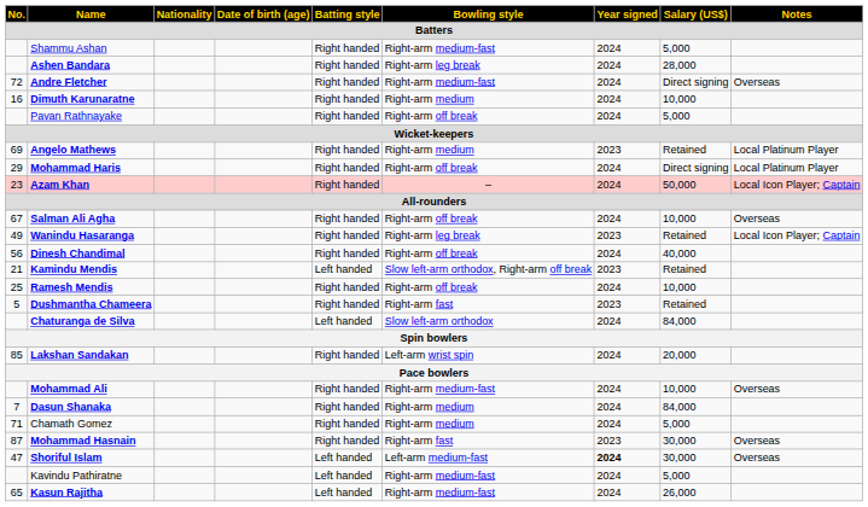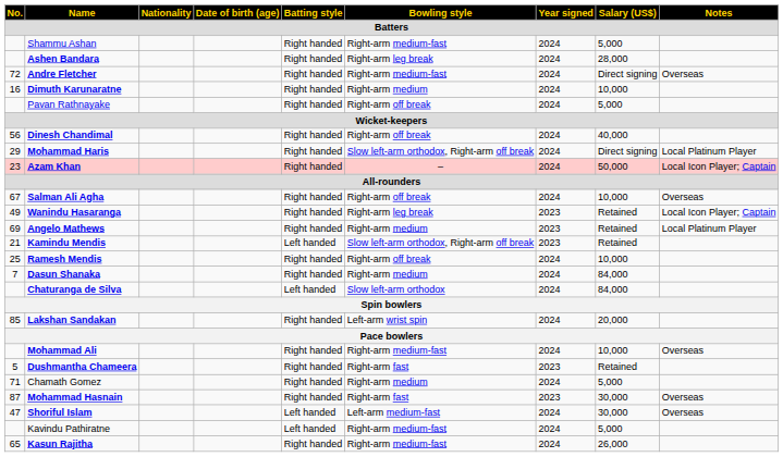 <table class="wikitable" style="font-size:85%;">
 <tr>
 <th style="background:black; color:gold; text-align:center;">No.</th>
 <th style="background:black; color:gold; text-align:center;">Name</th>
 <th style="background:black; color:gold; text-align:center;">Nationality</th>
 <th style="background:black; color:gold; text-align:center;">Date of birth (age)</th>
 <th style="background:black; color:gold; text-align:center;">Batting style</th>
 <th style="background:black; color:gold; text-align:center;">Bowling style</th>
 <th style="background:black; color:gold; text-align:center;">Year signed</th>
 <th style="background:black; color:gold; text-align:center;">Salary (US$)</th>
 <th style="background:black; color:gold; text-align:center;">Notes</th>
 </tr>
 <tr>
 <th colspan="9" style="background:#dcdcdc; text-align:center;">Batters</th>
 </tr>
 <tr>
 <td></td>
 <td><a href='#'>Shammu Ashan</a></td>
 <td></td>
 <td></td>
 <td>Right handed</td>
 <td>Right-arm <a href='#'>medium-fast</a></td>
 <td>2024</td>
 <td>5,000</td>
 <td></td>
 </tr>
 <tr>
 <td></td>
 <td><strong><a href='#'>Ashen Bandara</a></strong></td>
 <td></td>
 <td></td>
 <td>Right handed</td>
 <td>Right-arm <a href='#'>leg break</a></td>
 <td>2024</td>
 <td>28,000</td>
 <td></td>
 </tr>
 <tr>
 <td style="text-align:center;">72</td>
 <td><strong><a href='#'>Andre Fletcher</a></strong></td>
 <td></td>
 <td></td>
 <td>Right handed</td>
 <td>Right-arm <a href='#'>medium-fast</a></td>
 <td>2024</td>
 <td>Direct signing</td>
 <td>Overseas</td>
 </tr>
 <tr>
 <td style="text-align:center;">16</td>
 <td><strong><a href='#'>Dimuth Karunaratne</a></strong></td>
 <td></td>
 <td></td>
 <td>Right handed</td>
 <td>Right-arm <a href='#'>medium</a></td>
 <td>2024</td>
 <td>10,000</td>
 <td></td>
 </tr>
 <tr>
 <td></td>
 <td><a href='#'>Pavan Rathnayake</a></td>
 <td></td>
 <td></td>
 <td>Right handed</td>
 <td>Right-arm <a href='#'>off break</a></td>
 <td>2024</td>
 <td>5,000</td>
 <td></td>
 </tr>
 <tr>
 <th colspan="9" style="background: #DCDCDC" align="center">Wicket-keepers</th>
 </tr>
 <tr>
-<td style="text-align:center;">69</td>
-<td><strong><a href='#'>Angelo Mathews</a></strong></td>
+<td style="text-align:center;">56</td>
+<td><strong><a href='#'>Dinesh Chandimal</a></strong></td>
 <td></td>
 <td></td>
 <td>Right handed</td>
-<td>Right-arm <a href='#'>medium</a></td>
-<td>2023</td>
-<td>Retained</td>
-<td>Local Platinum Player</td>
+<td>Right-arm <a href='#'>off break</a></td>
+<td>2024</td>
+<td>40,000</td>
+<td></td>
 </tr>
 <tr>
 <td style="text-align:center;">29</td>
 <td><strong><a href='#'>Mohammad Haris</a></strong></td>
 <td></td>
 <td></td>
 <td>Right handed</td>
-<td>Right-arm <a href='#'>off break</a></td>
+<td><a href='#'>Slow left-arm orthodox</a>, Right-arm <a href='#'>off break</a></td>
 <td>2024</td>
 <td>Direct signing</td>
 <td>Local Platinum Player</td>
 </tr>
 <tr style="background:#FFCCCC">
 <td style="text-align:center;">23</td>
 <td><a href='#'><strong>Azam Khan</strong></a></td>
 <td></td>
 <td></td>
 <td>Right handed</td>
 <td style="text-align:center;">–</td>
 <td>2024</td>
 <td>50,000</td>
 <td>Local Icon Player; <a href='#'>Captain</a></td>
 </tr>
 <tr>
 <th colspan="9" style="background: #DCDCDC" align="center">All-rounders</th>
 </tr>
 <tr>
 <td style="text-align:center;">67</td>
 <td><strong><a href='#'>Salman Ali Agha</a></strong></td>
 <td></td>
 <td></td>
 <td>Right handed</td>
 <td>Right-arm <a href='#'>off break</a></td>
 <td>2024</td>
 <td>10,000</td>
 <td>Overseas</td>
 </tr>
 <tr>
 <td style="text-align:center;">49</td>
 <td><strong><a href='#'>Wanindu Hasaranga</a></strong></td>
 <td></td>
 <td></td>
 <td>Right handed</td>
 <td>Right-arm <a href='#'>leg break</a></td>
 <td>2023</td>
 <td>Retained</td>
 <td>Local Icon Player; <a href='#'>Captain</a></td>
 </tr>
 <tr>
-<td style="text-align:center;">56</td>
-<td><strong><a href='#'>Dinesh Chandimal</a></strong></td>
+<td style="text-align:center;">69</td>
+<td><strong><a href='#'>Angelo Mathews</a></strong></td>
 <td></td>
 <td></td>
 <td>Right handed</td>
-<td>Right-arm <a href='#'>off break</a></td>
-<td>2024</td>
-<td>40,000</td>
-<td></td>
+<td>Right-arm <a href='#'>medium</a></td>
+<td>2023</td>
+<td>Retained</td>
+<td>Local Platinum Player</td>
 </tr>
 <tr>
 <td style="text-align:center;">21</td>
 <td><strong><a href='#'>Kamindu Mendis</a></strong></td>
 <td></td>
 <td></td>
 <td>Left handed</td>
 <td><a href='#'>Slow left-arm orthodox</a>, Right-arm <a href='#'>off break</a></td>
 <td>2023</td>
 <td>Retained</td>
 <td></td>
 </tr>
 <tr>
 <td style="text-align:center;">25</td>
 <td><strong><a href='#'>Ramesh Mendis</a></strong></td>
 <td></td>
 <td></td>
 <td>Right handed</td>
 <td>Right-arm <a href='#'>off break</a></td>
 <td>2024</td>
 <td>10,000</td>
 <td></td>
 </tr>
 <tr>
-<td style="text-align:center;">5</td>
-<td><strong><a href='#'>Dushmantha Chameera</a></strong></td>
+<td style="text-align:center;">7</td>
+<td><strong><a href='#'>Dasun Shanaka</a></strong></td>
 <td></td>
 <td></td>
 <td>Right handed</td>
-<td>Right-arm <a href='#'>fast</a></td>
-<td>2023</td>
-<td>Retained</td>
+<td>Right-arm <a href='#'>medium</a></td>
+<td>2024</td>
+<td>84,000</td>
 <td></td>
 </tr>
 <tr>
 <td></td>
 <td><strong><a href='#'>Chaturanga de Silva</a></strong></td>
 <td></td>
 <td></td>
 <td>Left handed</td>
 <td><a href='#'>Slow left-arm orthodox</a></td>
 <td>2024</td>
 <td>84,000</td>
 <td></td>
 </tr>
 <tr>
 <th colspan="9" style="”background:" align="”center”" #DCDCDC”>Spin bowlers</th>
 </tr>
 <tr>
 <td style="text-align:center;">85</td>
 <td><strong><a href='#'>Lakshan Sandakan</a></strong></td>
 <td></td>
 <td></td>
 <td>Right handed</td>
 <td>Left-arm <a href='#'>wrist spin</a></td>
 <td>2024</td>
 <td>20,000</td>
 <td></td>
 </tr>
 <tr>
 <th colspan="9" style="”background:" align="”center”" #DCDCDC”>Pace bowlers</th>
 </tr>
 <tr>
 <td></td>
 <td><a href='#'><strong>Mohammad Ali</strong></a></td>
 <td></td>
 <td></td>
 <td>Right handed</td>
 <td>Right-arm <a href='#'>medium-fast</a></td>
 <td>2024</td>
 <td>10,000</td>
 <td>Overseas</td>
 </tr>
 <tr>
-<td style="text-align:center;">7</td>
-<td><strong><a href='#'>Dasun Shanaka</a></strong></td>
+<td style="text-align:center;">5</td>
+<td><strong><a href='#'>Dushmantha Chameera</a></strong></td>
 <td></td>
 <td></td>
 <td>Right handed</td>
-<td>Right-arm <a href='#'>medium</a></td>
-<td>2024</td>
-<td>84,000</td>
+<td>Right-arm <a href='#'>fast</a></td>
+<td>2023</td>
+<td>Retained</td>
 <td></td>
 </tr>
 <tr>
 <td style="text-align:center;">71</td>
 <td>Chamath Gomez</td>
 <td></td>
 <td></td>
 <td>Right handed</td>
 <td>Right-arm <a href='#'>medium</a></td>
 <td>2024</td>
 <td>5,000</td>
 <td></td>
 </tr>
 <tr>
 <td style="text-align:center;">87</td>
 <td><strong><a href='#'>Mohammad Hasnain</a></strong></td>
 <td></td>
 <td></td>
 <td>Right handed</td>
 <td>Right-arm <a href='#'>fast</a></td>
 <td>2023</td>
 <td>30,000</td>
 <td>Overseas</td>
 </tr>
 <tr>
 <td style="text-align:center;">47</td>
 <td><strong><a href='#'>Shoriful Islam</a></strong></td>
 <td></td>
 <td></td>
 <td>Left handed</td>
 <td>Left-arm <a href='#'>medium-fast</a></td>
-<td><strong>2024</strong></td>
+<td>2024</td>
 <td>30,000</td>
 <td>Overseas</td>
 </tr>
 <tr>
 <td></td>
 <td>Kavindu Pathiratne</td>
 <td></td>
 <td></td>
 <td>Left handed</td>
 <td>Right-arm <a href='#'>medium-fast</a></td>
 <td>2024</td>
 <td>5,000</td>
 <td></td>
 </tr>
 <tr>
 <td style="text-align:center;">65</td>
 <td><strong><a href='#'>Kasun Rajitha</a></strong></td>
 <td></td>
 <td></td>
-<td>Left handed</td>
+<td>Right handed</td>
 <td>Right-arm <a href='#'>medium-fast</a></td>
 <td>2024</td>
 <td>26,000</td>
 <td></td>
 </tr>
 </table>
